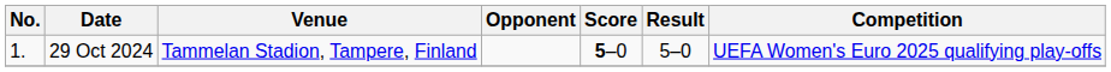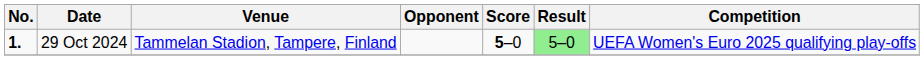 <table class="wikitable">
 <tr>
 <th>No.</th>
 <th>Date</th>
 <th>Venue</th>
 <th>Opponent</th>
 <th>Score</th>
 <th>Result</th>
 <th>Competition</th>
 </tr>
 <tr>
-<td>1.</td>
+<td><strong>1.</strong></td>
 <td>29 Oct 2024</td>
 <td><a href='#'>Tammelan Stadion</a>, <a href='#'>Tampere</a>, <a href='#'>Finland</a></td>
 <td></td>
 <td align=center><strong>5</strong>–0</td>
-<td align=center>5–0</td>
+<td align=center style="background: lightgreen;">5–0</td>
 <td><a href='#'>UEFA Women's Euro 2025 qualifying play-offs</a></td>
 </tr>
 <tr>
 </tr>
 </table>
